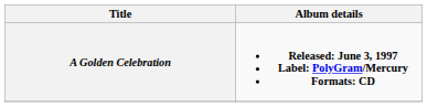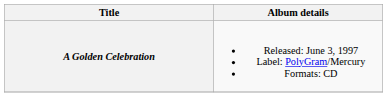 <table class="wikitable plainrowheaders" style="text-align:center;">
 <tr>
 <th scope="col" style="width:20em;">Title</th>
 <th scope="col" style="width:16em;">Album details</th>
 </tr>
 <tr>
 <th scope="row"><em>A Golden Celebration</em></th>
-<td><strong><br><ul><li>Released: June 3, 1997</li><li>Label: <a href='#'>PolyGram</a>/Mercury</li><li>Formats: CD</li></ul></strong></td>
+<td><br><ul><li>Released: June 3, 1997</li><li>Label: <a href='#'>PolyGram</a>/Mercury</li><li>Formats: CD</li></ul></td>
 </tr>
 <tr>
 </tr>
 </table>
